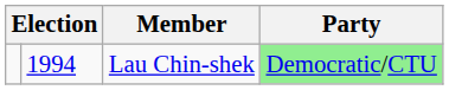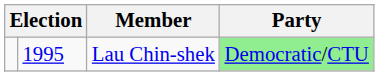 <table class="wikitable">
 <tr>
 <th colspan="2">Election</th>
 <th>Member</th>
 <th>Party</th>
 </tr>
 <tr>
 <td style="background-color: "></td>
-<td><a href='#'>1994</a></td>
+<td><a href='#'>1995</a></td>
 <td><a href='#'>Lau Chin-shek</a></td>
 <td style="background: lightgreen;"><a href='#'>Democratic</a>/<a href='#'>CTU</a></td>
 </tr>
 </table>
